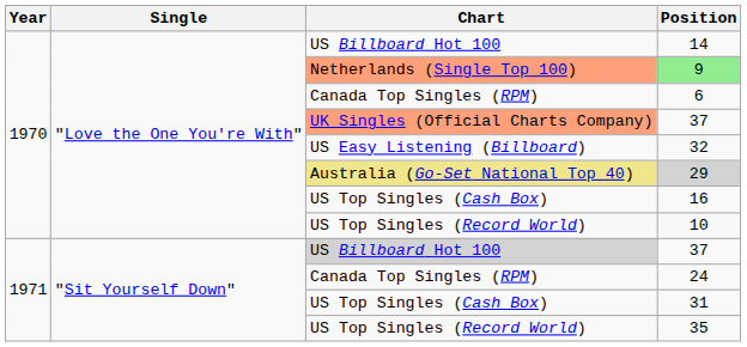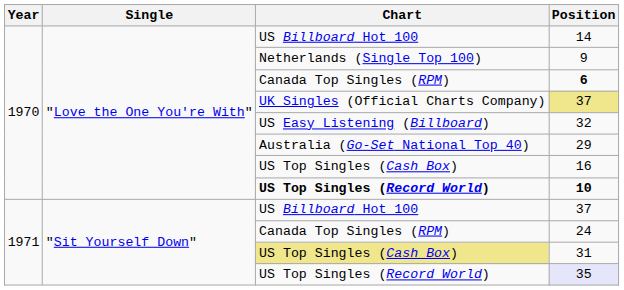 <table class="wikitable">
 <tr>
 <th>Year</th>
 <th>Single</th>
 <th>Chart</th>
 <th>Position</th>
 </tr>
 <tr>
 <td rowspan="8">1970</td>
 <td rowspan="8">"<a href='#'>Love the One You're With</a>"</td>
 <td>US <a href='#'><em>Billboard</em> Hot 100</a></td>
 <td align=center>14</td>
 </tr>
 <tr>
-<td style="background: lightsalmon;">Netherlands (<a href='#'>Single Top 100</a>)</td>
-<td align=center style="background: lightgreen;">9</td>
+<td>Netherlands (<a href='#'>Single Top 100</a>)</td>
+<td align=center>9</td>
 </tr>
 <tr>
 <td>Canada Top Singles (<em><a href='#'>RPM</a></em>)</td>
-<td align=center>6</td>
+<td align=center><strong>6</strong></td>
 </tr>
 <tr>
-<td style="background: lightsalmon;"><a href='#'>UK Singles</a> (Official Charts Company)</td>
-<td align=center>37</td>
+<td><a href='#'>UK Singles</a> (Official Charts Company)</td>
+<td align=center style="background: khaki;">37</td>
 </tr>
 <tr>
 <td>US <a href='#'>Easy Listening</a> (<em><a href='#'>Billboard</a></em>)</td>
 <td align=center>32</td>
 </tr>
 <tr>
-<td style="background: khaki;">Australia (<a href='#'><em>Go-Set</em> National Top 40</a>)</td>
-<td align=center style="background: lightgrey;">29</td>
+<td>Australia (<a href='#'><em>Go-Set</em> National Top 40</a>)</td>
+<td align=center>29</td>
 </tr>
 <tr>
 <td>US Top Singles (<em><a href='#'>Cash Box</a></em>)</td>
 <td align=center>16</td>
 </tr>
 <tr>
-<td>US Top Singles (<em><a href='#'>Record World</a></em>)</td>
-<td align=center>10</td>
+<td><strong>US Top Singles (<em><a href='#'>Record World</a></em>)</strong></td>
+<td align=center><strong>10</strong></td>
 </tr>
 <tr>
 <td rowspan="4">1971</td>
 <td rowspan="4">"<a href='#'>Sit Yourself Down</a>"</td>
-<td style="background: lightgrey;">US <a href='#'><em>Billboard</em> Hot 100</a></td>
+<td>US <a href='#'><em>Billboard</em> Hot 100</a></td>
 <td align=center>37</td>
 </tr>
 <tr>
 <td>Canada Top Singles (<em><a href='#'>RPM</a></em>)</td>
 <td align=center>24</td>
 </tr>
 <tr>
-<td>US Top Singles (<em><a href='#'>Cash Box</a></em>)</td>
+<td style="background: khaki;">US Top Singles (<em><a href='#'>Cash Box</a></em>)</td>
 <td align=center>31</td>
 </tr>
 <tr>
 <td>US Top Singles (<em><a href='#'>Record World</a></em>)</td>
-<td align=center>35</td>
+<td align=center style="background: lavender;">35</td>
 </tr>
 </table>
